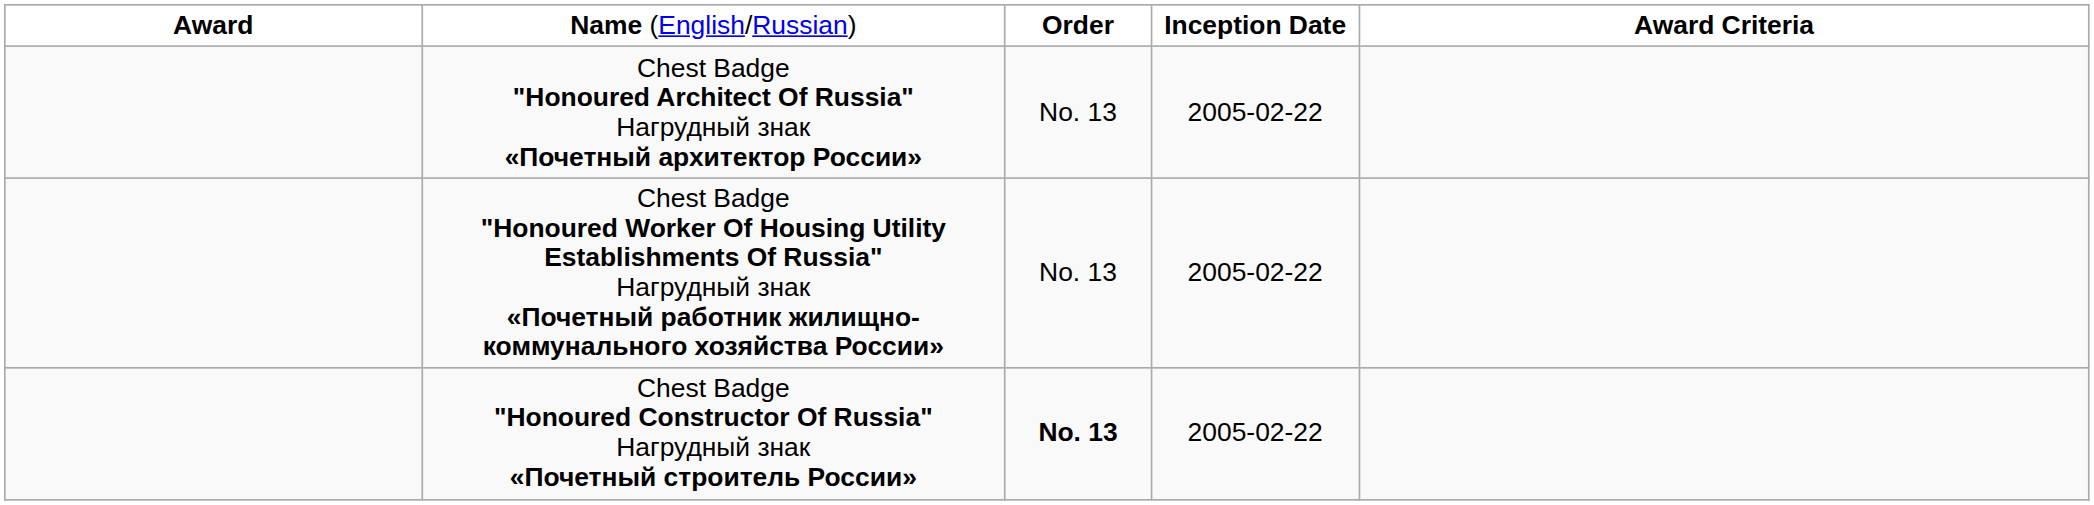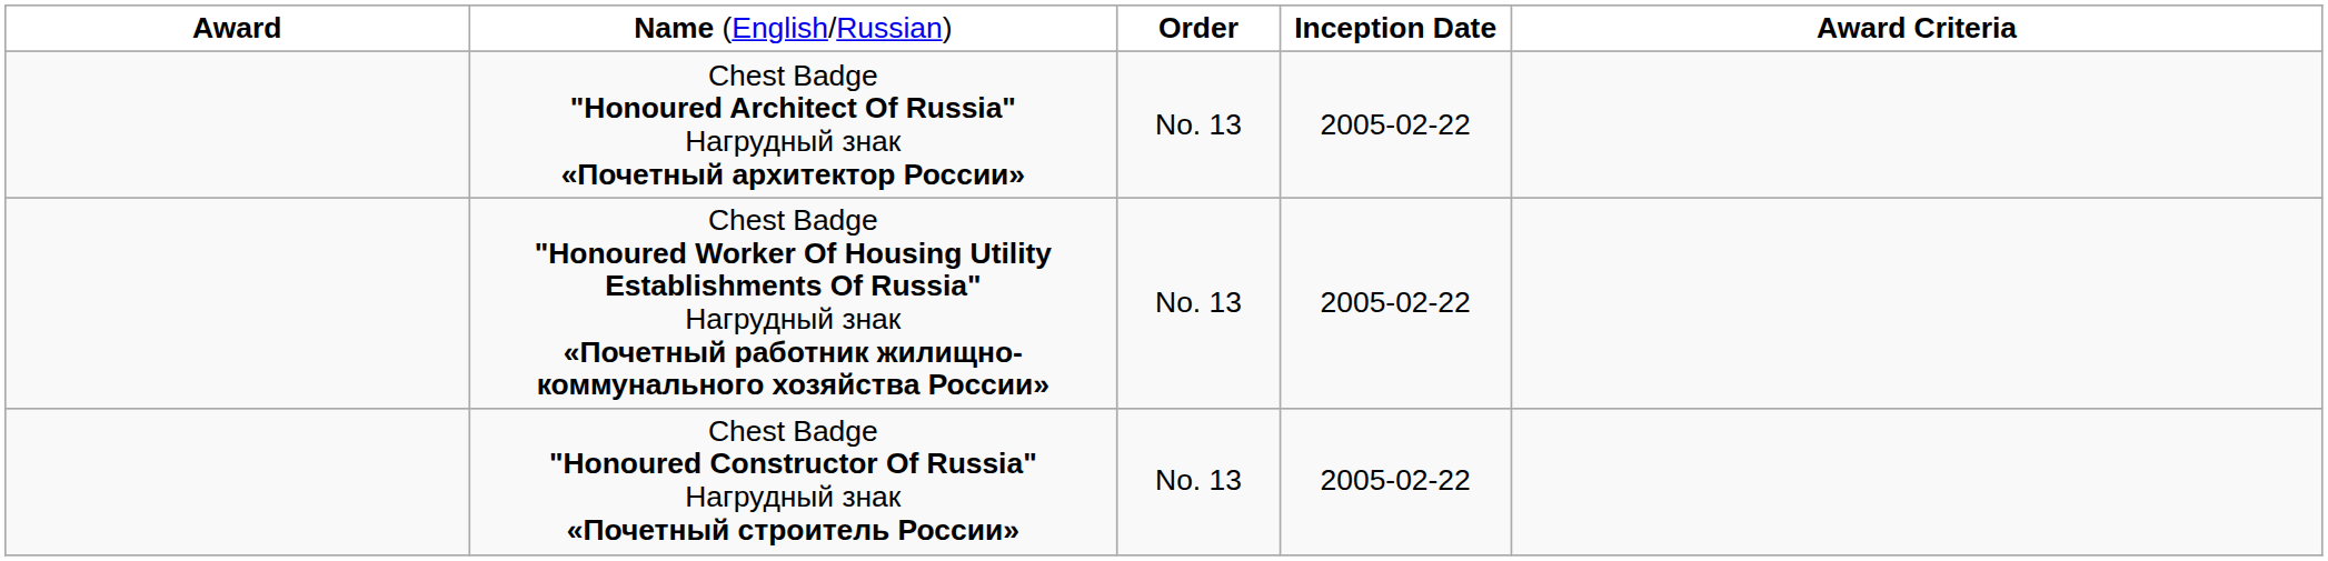 <table class="wikitable sortable" width="100%">
 <tr>
 <td width="20%" bgcolor="#FFFFFF" style="text-align:center;"><strong>Award</strong></td>
 <td width="28%" bgcolor="#FFFFFF" style="text-align:center;"><strong>Name</strong> (<a href='#'>English</a>/<a href='#'>Russian</a>)</td>
 <td width="07%" bgcolor="#FFFFFF" style="text-align:center;"><strong>Order</strong></td>
 <td width="10%" bgcolor="#FFFFFF" style="text-align:center;"><strong>Inception Date</strong></td>
 <td width="35%" bgcolor="#FFFFFF" style="text-align:center;"><strong>Award Criteria</strong></td>
 </tr>
 <tr>
 <td></td>
 <td style="text-align:center;">Chest Badge<br><strong>"Honoured Architect Of Russia"</strong><br>Нагрудный знак<br><strong>«Почетный архитектор России»</strong></td>
 <td style="text-align:center;">No. 13</td>
 <td style="text-align:center;">2005-02-22</td>
 <td style="text-align:center;"></td>
 </tr>
 <tr>
 <td></td>
 <td style="text-align:center;">Chest Badge<br><strong>"Honoured Worker Of Housing Utility Establishments Of Russia"</strong><br>Нагрудный знак<br><strong>«Почетный работник жилищно-коммунального хозяйства России»</strong></td>
 <td style="text-align:center;">No. 13</td>
 <td style="text-align:center;">2005-02-22</td>
 <td style="text-align:center;"></td>
 </tr>
 <tr>
 <td></td>
 <td style="text-align:center;">Chest Badge<br><strong>"Honoured Constructor Of Russia"</strong><br>Нагрудный знак<br><strong>«Почетный строитель России»</strong></td>
-<td style="text-align:center;"><strong>No. 13</strong></td>
+<td style="text-align:center;">No. 13</td>
 <td style="text-align:center;">2005-02-22</td>
 <td style="text-align:center;"></td>
 </tr>
 </table>
